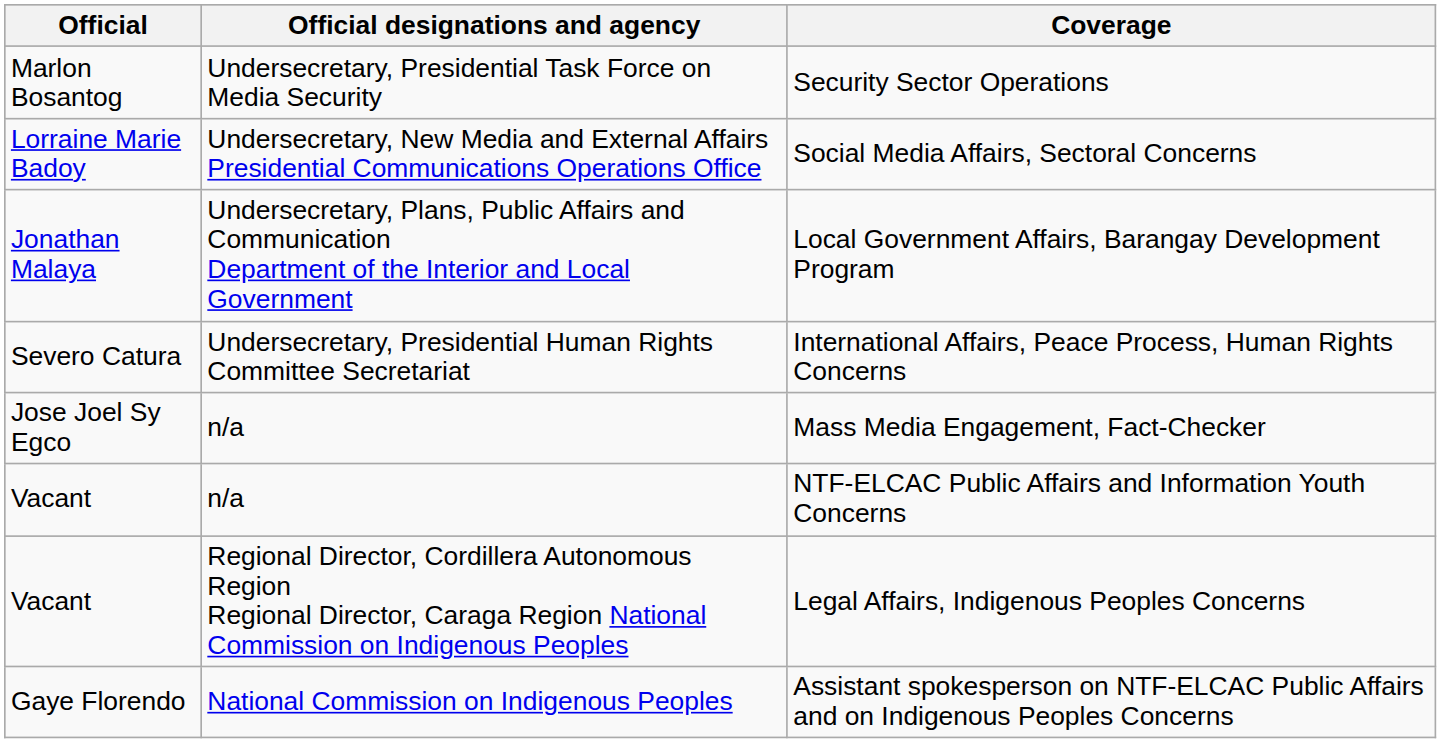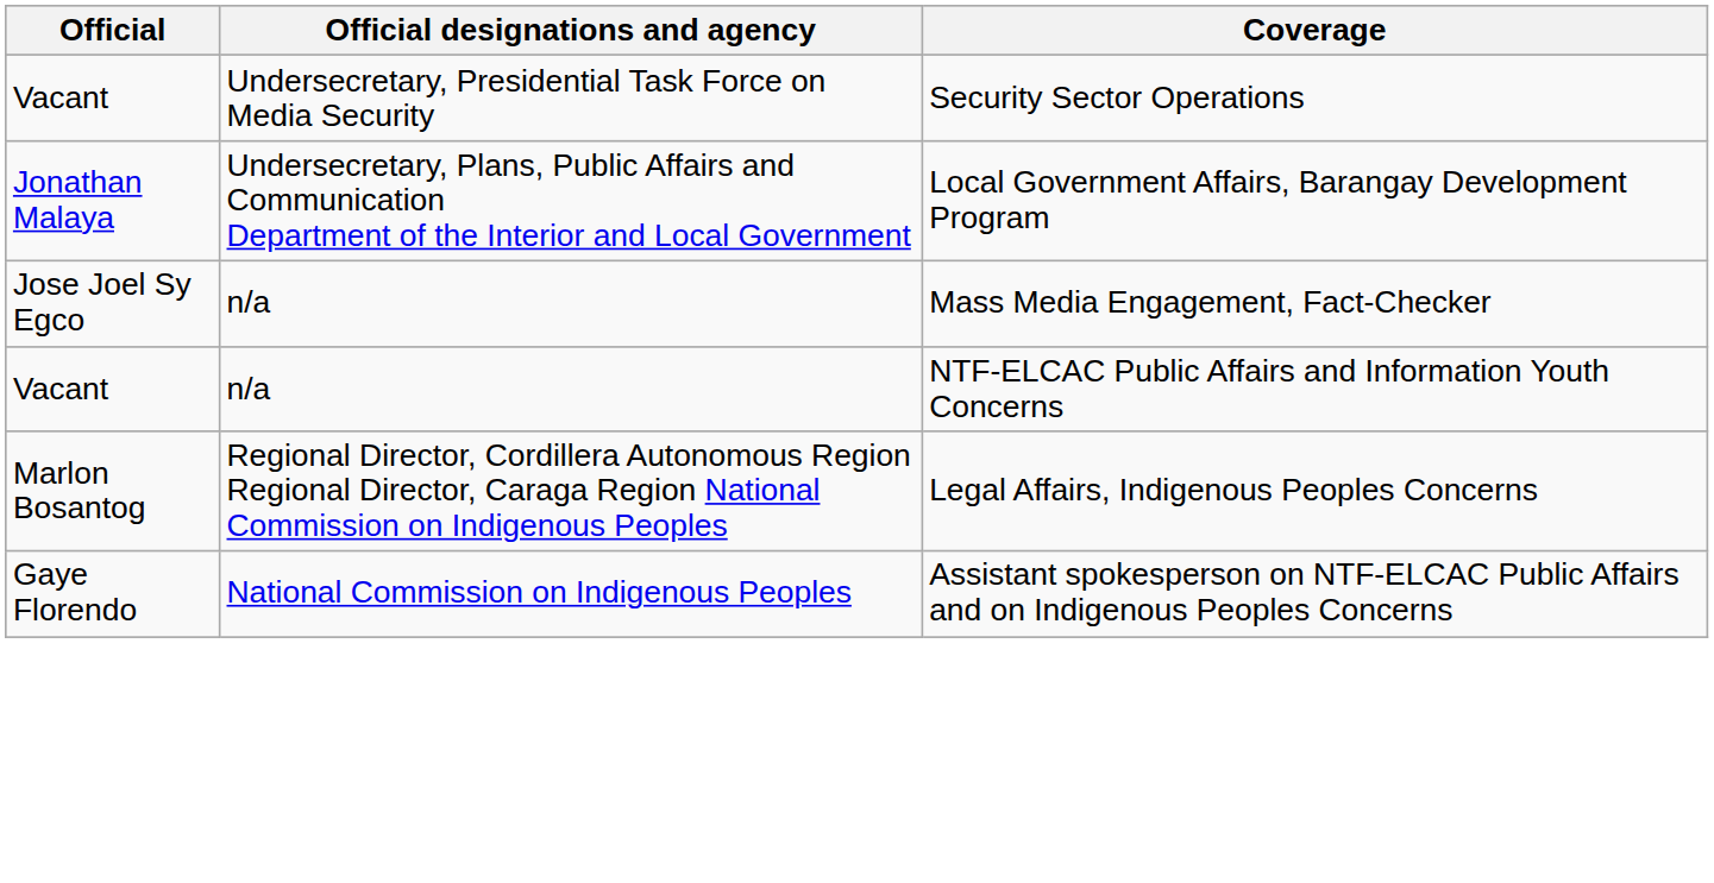 <table class="wikitable">
 <tr>
 <th>Official</th>
 <th>Official designations and agency</th>
 <th>Coverage</th>
 </tr>
 <tr>
-<td>Marlon Bosantog</td>
+<td>Vacant</td>
 <td>Undersecretary, Presidential Task Force on Media Security</td>
 <td>Security Sector Operations</td>
-</tr>
-<tr>
-<td><a href='#'>Lorraine Marie Badoy</a></td>
-<td>Undersecretary, New Media and External Affairs<br><a href='#'>Presidential Communications Operations Office</a></td>
-<td>Social Media Affairs, Sectoral Concerns</td>
 </tr>
 <tr>
 <td><a href='#'>Jonathan Malaya</a></td>
 <td>Undersecretary, Plans, Public Affairs and Communication<br><a href='#'>Department of the Interior and Local Government</a></td>
 <td>Local Government Affairs, Barangay Development Program</td>
-</tr>
-<tr>
-<td>Severo Catura</td>
-<td>Undersecretary, Presidential Human Rights Committee Secretariat</td>
-<td>International Affairs, Peace Process, Human Rights Concerns</td>
 </tr>
 <tr>
 <td>Jose Joel Sy Egco</td>
 <td>n/a</td>
 <td>Mass Media Engagement, Fact-Checker</td>
 </tr>
 <tr>
 <td>Vacant</td>
 <td>n/a</td>
 <td>NTF-ELCAC Public Affairs and Information Youth Concerns</td>
 </tr>
 <tr>
-<td>Vacant</td>
+<td>Marlon Bosantog</td>
 <td>Regional Director, Cordillera Autonomous Region<br>Regional Director, Caraga Region <a href='#'>National Commission on Indigenous Peoples</a></td>
 <td>Legal Affairs, Indigenous Peoples Concerns</td>
 </tr>
 <tr>
 <td>Gaye Florendo</td>
 <td><a href='#'>National Commission on Indigenous Peoples</a></td>
 <td>Assistant spokesperson on NTF-ELCAC Public Affairs and on Indigenous Peoples Concerns</td>
 </tr>
 </table>
